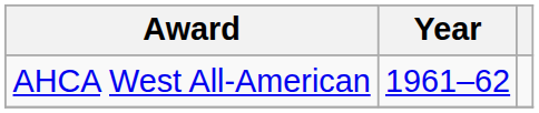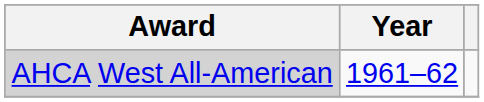 <table class="wikitable">
 <tr>
 <th>Award</th>
 <th>Year</th>
 <th></th>
 </tr>
 <tr>
-<td><a href='#'>AHCA</a> <a href='#'>West All-American</a></td>
+<td style="background: lightgrey;"><a href='#'>AHCA</a> <a href='#'>West All-American</a></td>
 <td><a href='#'>1961–62</a></td>
 <td></td>
 </tr>
 <tr>
 </tr>
 </table>
